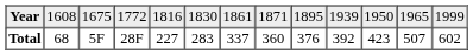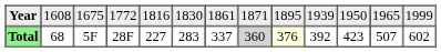 <table border="1" cellpadding="2" cellspacing="0" width="500">
 <tr bgcolor="#eeeeee" align="center">
 <td><strong>Year</strong></td>
 <td>1608</td>
 <td>1675</td>
 <td>1772</td>
 <td>1816</td>
 <td>1830</td>
 <td>1861</td>
 <td>1871</td>
 <td>1895</td>
 <td>1939</td>
 <td>1950</td>
 <td>1965</td>
 <td>1999</td>
 </tr>
 <tr align="center">
-<td><strong>Total</strong></td>
+<td style="background: lightgreen;"><strong>Total</strong></td>
 <td>68</td>
 <td>5F</td>
 <td>28F</td>
 <td>227</td>
 <td>283</td>
 <td>337</td>
-<td>360</td>
-<td>376</td>
+<td style="background: lightgrey;">360</td>
+<td style="background: lightyellow;">376</td>
 <td>392</td>
 <td>423</td>
 <td>507</td>
 <td>602</td>
 </tr>
 </table>
